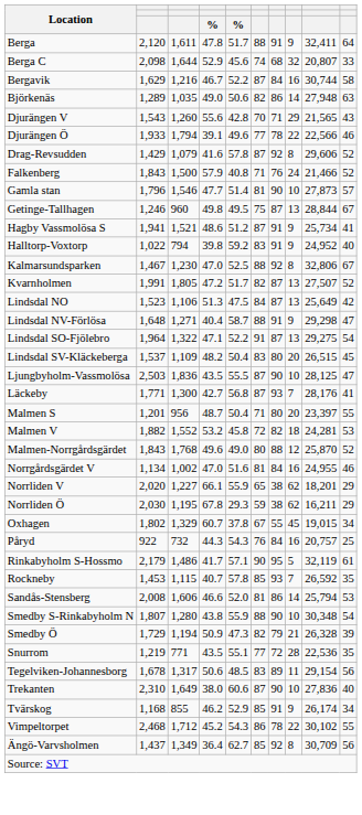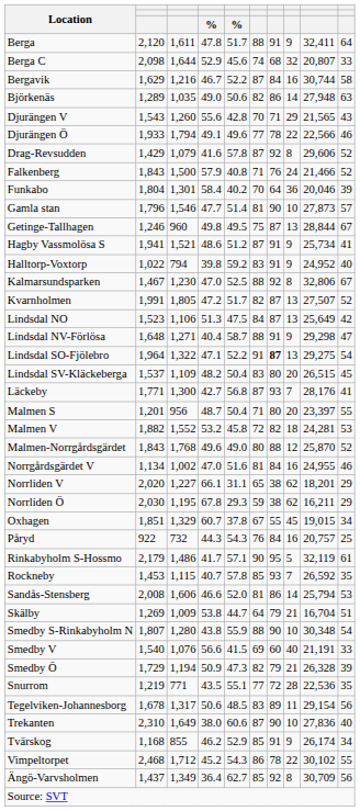 <table role="presentation" class="wikitable sortable mw-collapsible mw-collapsed">
 <tr>
 <th rowspan="3">Location</th>
 <th></th>
 <th></th>
 <th></th>
 <th></th>
 <th></th>
 <th></th>
 <th></th>
 <th></th>
 <th></th>
 </tr>
 <tr>
 <th></th>
 <th></th>
 <th style="background:"></th>
 <th style="background:"></th>
 <th></th>
 <th></th>
 <th></th>
 <th></th>
 <th></th>
 </tr>
 <tr>
 <th data-sort-type="number"></th>
 <th data-sort-type="number"></th>
 <th data-sort-type="number">%</th>
 <th data-sort-type="number">%</th>
 <th data-sort-type="number"></th>
 <th data-sort-type="number"></th>
 <th data-sort-type="number"></th>
 <th data-sort-type="number"></th>
 <th data-sort-type="number"></th>
 </tr>
 <tr>
 <td align="left">Berga</td>
 <td>2,120</td>
 <td>1,611</td>
 <td>47.8</td>
 <td>51.7</td>
 <td>88</td>
 <td>91</td>
 <td>9</td>
 <td>32,411</td>
 <td>64</td>
 </tr>
 <tr>
 <td align="left">Berga C</td>
 <td>2,098</td>
 <td>1,644</td>
 <td>52.9</td>
 <td>45.6</td>
 <td>74</td>
 <td>68</td>
 <td>32</td>
 <td>20,807</td>
 <td>33</td>
 </tr>
 <tr>
 <td align="left">Bergavik</td>
 <td>1,629</td>
 <td>1,216</td>
 <td>46.7</td>
 <td>52.2</td>
 <td>87</td>
 <td>84</td>
 <td>16</td>
 <td>30,744</td>
 <td>58</td>
 </tr>
 <tr>
 <td align="left">Björkenäs</td>
 <td>1,289</td>
 <td>1,035</td>
 <td>49.0</td>
 <td>50.6</td>
 <td>82</td>
 <td>86</td>
 <td>14</td>
 <td>27,948</td>
 <td>63</td>
 </tr>
 <tr>
 <td align="left">Djurängen V</td>
 <td>1,543</td>
 <td>1,260</td>
 <td>55.6</td>
 <td>42.8</td>
 <td>70</td>
 <td>71</td>
 <td>29</td>
 <td>21,565</td>
 <td>43</td>
 </tr>
 <tr>
 <td align="left">Djurängen Ö</td>
 <td>1,933</td>
 <td>1,794</td>
-<td>39.1</td>
+<td>49.1</td>
 <td>49.6</td>
 <td>77</td>
 <td>78</td>
 <td>22</td>
 <td>22,566</td>
 <td>46</td>
 </tr>
 <tr>
 <td align="left">Drag-Revsudden</td>
 <td>1,429</td>
 <td>1,079</td>
 <td>41.6</td>
 <td>57.8</td>
 <td>87</td>
 <td>92</td>
 <td>8</td>
 <td>29,606</td>
 <td>52</td>
 </tr>
 <tr>
 <td align="left">Falkenberg</td>
 <td>1,843</td>
 <td>1,500</td>
 <td>57.9</td>
 <td>40.8</td>
 <td>71</td>
 <td>76</td>
 <td>24</td>
 <td>21,466</td>
 <td>52</td>
+</tr>
+<tr>
+<td align="left">Funkabo</td>
+<td>1,804</td>
+<td>1,301</td>
+<td>58.4</td>
+<td>40.2</td>
+<td>70</td>
+<td>64</td>
+<td>36</td>
+<td>20,046</td>
+<td>39</td>
 </tr>
 <tr>
 <td align="left">Gamla stan</td>
 <td>1,796</td>
 <td>1,546</td>
 <td>47.7</td>
 <td>51.4</td>
 <td>81</td>
 <td>90</td>
 <td>10</td>
 <td>27,873</td>
 <td>57</td>
 </tr>
 <tr>
 <td align="left">Getinge-Tallhagen</td>
 <td>1,246</td>
 <td>960</td>
 <td>49.8</td>
 <td>49.5</td>
 <td>75</td>
 <td>87</td>
 <td>13</td>
 <td>28,844</td>
 <td>67</td>
 </tr>
 <tr>
 <td align="left">Hagby Vassmolösa S</td>
 <td>1,941</td>
 <td>1,521</td>
 <td>48.6</td>
 <td>51.2</td>
 <td>87</td>
 <td>91</td>
 <td>9</td>
 <td>25,734</td>
 <td>41</td>
 </tr>
 <tr>
 <td align="left">Halltorp-Voxtorp</td>
 <td>1,022</td>
 <td>794</td>
 <td>39.8</td>
 <td>59.2</td>
 <td>83</td>
 <td>91</td>
 <td>9</td>
 <td>24,952</td>
 <td>40</td>
 </tr>
 <tr>
 <td align="left">Kalmarsundsparken</td>
 <td>1,467</td>
 <td>1,230</td>
 <td>47.0</td>
 <td>52.5</td>
 <td>88</td>
 <td>92</td>
 <td>8</td>
 <td>32,806</td>
 <td>67</td>
 </tr>
 <tr>
 <td align="left">Kvarnholmen</td>
 <td>1,991</td>
 <td>1,805</td>
 <td>47.2</td>
 <td>51.7</td>
 <td>82</td>
 <td>87</td>
 <td>13</td>
 <td>27,507</td>
 <td>52</td>
 </tr>
 <tr>
 <td align="left">Lindsdal NO</td>
 <td>1,523</td>
 <td>1,106</td>
 <td>51.3</td>
 <td>47.5</td>
 <td>84</td>
 <td>87</td>
 <td>13</td>
 <td>25,649</td>
 <td>42</td>
 </tr>
 <tr>
 <td align="left">Lindsdal NV-Förlösa</td>
 <td>1,648</td>
 <td>1,271</td>
 <td>40.4</td>
 <td>58.7</td>
 <td>88</td>
 <td>91</td>
 <td>9</td>
 <td>29,298</td>
 <td>47</td>
 </tr>
 <tr>
 <td align="left">Lindsdal SO-Fjölebro</td>
 <td>1,964</td>
 <td>1,322</td>
 <td>47.1</td>
 <td>52.2</td>
 <td>91</td>
-<td>87</td>
+<td><strong>87</strong></td>
 <td>13</td>
 <td>29,275</td>
 <td>54</td>
 </tr>
 <tr>
 <td align="left">Lindsdal SV-Kläckeberga</td>
 <td>1,537</td>
 <td>1,109</td>
 <td>48.2</td>
 <td>50.4</td>
 <td>83</td>
 <td>80</td>
 <td>20</td>
 <td>26,515</td>
 <td>45</td>
-</tr>
-<tr>
-<td align="left">Ljungbyholm-Vassmolösa</td>
-<td>2,503</td>
-<td>1,836</td>
-<td>43.5</td>
-<td>55.5</td>
-<td>87</td>
-<td>90</td>
-<td>10</td>
-<td>28,125</td>
-<td>47</td>
 </tr>
 <tr>
 <td align="left">Läckeby</td>
 <td>1,771</td>
 <td>1,300</td>
 <td>42.7</td>
 <td>56.8</td>
 <td>87</td>
 <td>93</td>
 <td>7</td>
 <td>28,176</td>
 <td>41</td>
 </tr>
 <tr>
 <td align="left">Malmen S</td>
 <td>1,201</td>
 <td>956</td>
 <td>48.7</td>
 <td>50.4</td>
 <td>71</td>
 <td>80</td>
 <td>20</td>
 <td>23,397</td>
 <td>55</td>
 </tr>
 <tr>
 <td align="left">Malmen V</td>
 <td>1,882</td>
 <td>1,552</td>
 <td>53.2</td>
 <td>45.8</td>
 <td>72</td>
 <td>82</td>
 <td>18</td>
 <td>24,281</td>
 <td>53</td>
 </tr>
 <tr>
 <td align="left">Malmen-Norrgårdsgärdet</td>
 <td>1,843</td>
 <td>1,768</td>
 <td>49.6</td>
 <td>49.0</td>
 <td>80</td>
 <td>88</td>
 <td>12</td>
 <td>25,870</td>
 <td>52</td>
 </tr>
 <tr>
 <td align="left">Norrgårdsgärdet V</td>
 <td>1,134</td>
 <td>1,002</td>
 <td>47.0</td>
 <td>51.6</td>
 <td>81</td>
 <td>84</td>
 <td>16</td>
 <td>24,955</td>
 <td>46</td>
 </tr>
 <tr>
 <td align="left">Norrliden V</td>
 <td>2,020</td>
 <td>1,227</td>
 <td>66.1</td>
-<td>55.9</td>
+<td>31.1</td>
 <td>65</td>
 <td>38</td>
 <td>62</td>
 <td>18,201</td>
 <td>29</td>
 </tr>
 <tr>
 <td align="left">Norrliden Ö</td>
 <td>2,030</td>
 <td>1,195</td>
 <td>67.8</td>
 <td>29.3</td>
 <td>59</td>
 <td>38</td>
 <td>62</td>
 <td>16,211</td>
 <td>29</td>
 </tr>
 <tr>
 <td align="left">Oxhagen</td>
-<td>1,802</td>
+<td>1,851</td>
 <td>1,329</td>
 <td>60.7</td>
 <td>37.8</td>
 <td>67</td>
 <td>55</td>
 <td>45</td>
 <td>19,015</td>
 <td>34</td>
 </tr>
 <tr>
 <td align="left">Påryd</td>
 <td>922</td>
 <td>732</td>
 <td>44.3</td>
 <td>54.3</td>
 <td>76</td>
 <td>84</td>
 <td>16</td>
 <td>20,757</td>
 <td>25</td>
 </tr>
 <tr>
 <td align="left">Rinkabyholm S-Hossmo</td>
 <td>2,179</td>
 <td>1,486</td>
 <td>41.7</td>
 <td>57.1</td>
 <td>90</td>
 <td>95</td>
 <td>5</td>
 <td>32,119</td>
 <td>61</td>
 </tr>
 <tr>
 <td align="left">Rockneby</td>
 <td>1,453</td>
 <td>1,115</td>
 <td>40.7</td>
 <td>57.8</td>
 <td>85</td>
 <td>93</td>
 <td>7</td>
 <td>26,592</td>
 <td>35</td>
 </tr>
 <tr>
 <td align="left">Sandås-Stensberg</td>
 <td>2,008</td>
 <td>1,606</td>
 <td>46.6</td>
 <td>52.0</td>
 <td>81</td>
 <td>86</td>
 <td>14</td>
 <td>25,794</td>
 <td>53</td>
 </tr>
 <tr>
+<td align="left">Skälby</td>
+<td>1,269</td>
+<td>1,009</td>
+<td>53.8</td>
+<td>44.7</td>
+<td>64</td>
+<td>79</td>
+<td>21</td>
+<td>16,704</td>
+<td>51</td>
+</tr>
+<tr>
 <td align="left">Smedby S-Rinkabyholm N</td>
 <td>1,807</td>
 <td>1,280</td>
 <td>43.8</td>
 <td>55.9</td>
 <td>88</td>
 <td>90</td>
 <td>10</td>
 <td>30,348</td>
 <td>54</td>
+</tr>
+<tr>
+<td align="left">Smedby V</td>
+<td>1,540</td>
+<td>1,076</td>
+<td>56.6</td>
+<td>41.5</td>
+<td>69</td>
+<td>60</td>
+<td>40</td>
+<td>21,191</td>
+<td>33</td>
 </tr>
 <tr>
 <td align="left">Smedby Ö</td>
 <td>1,729</td>
 <td>1,194</td>
 <td>50.9</td>
 <td>47.3</td>
 <td>82</td>
 <td>79</td>
 <td>21</td>
 <td>26,328</td>
 <td>39</td>
 </tr>
 <tr>
 <td align="left">Snurrom</td>
 <td>1,219</td>
 <td>771</td>
 <td>43.5</td>
 <td>55.1</td>
 <td>77</td>
 <td>72</td>
 <td>28</td>
 <td>22,536</td>
 <td>35</td>
 </tr>
 <tr>
 <td align="left">Tegelviken-Johannesborg</td>
 <td>1,678</td>
 <td>1,317</td>
 <td>50.6</td>
 <td>48.5</td>
 <td>83</td>
 <td>89</td>
 <td>11</td>
 <td>29,154</td>
 <td>56</td>
 </tr>
 <tr>
 <td align="left">Trekanten</td>
 <td>2,310</td>
 <td>1,649</td>
 <td>38.0</td>
 <td>60.6</td>
 <td>87</td>
 <td>90</td>
 <td>10</td>
 <td>27,836</td>
 <td>40</td>
 </tr>
 <tr>
 <td align="left">Tvärskog</td>
 <td>1,168</td>
 <td>855</td>
 <td>46.2</td>
 <td>52.9</td>
 <td>85</td>
 <td>91</td>
 <td>9</td>
 <td>26,174</td>
 <td>34</td>
 </tr>
 <tr>
 <td align="left">Vimpeltorpet</td>
 <td>2,468</td>
 <td>1,712</td>
 <td>45.2</td>
 <td>54.3</td>
 <td>86</td>
 <td>78</td>
 <td>22</td>
 <td>30,102</td>
 <td>55</td>
 </tr>
 <tr>
 <td align="left">Ängö-Varvsholmen</td>
 <td>1,437</td>
 <td>1,349</td>
 <td>36.4</td>
 <td>62.7</td>
 <td>85</td>
 <td>92</td>
 <td>8</td>
 <td>30,709</td>
 <td>56</td>
 </tr>
 <tr>
 <td colspan="10" align="left">Source: <a href='#'>SVT</a></td>
 </tr>
 </table>
